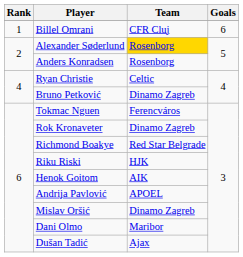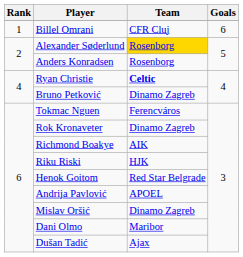 <table class="wikitable" style="text-align:center">
 <tr>
 <th>Rank</th>
 <th>Player</th>
 <th>Team</th>
 <th>Goals</th>
 </tr>
 <tr>
 </tr>
 <tr>
 <td>1</td>
 <td align=left> <a href='#'>Billel Omrani</a></td>
 <td align=left> <a href='#'>CFR Cluj</a></td>
 <td>6</td>
 </tr>
 <tr>
 <td rowspan="2">2</td>
 <td align=left> <a href='#'>Alexander Søderlund</a></td>
 <td align=left style="background: gold;"> <a href='#'>Rosenborg</a></td>
 <td rowspan="2">5</td>
 </tr>
 <tr>
 <td align=left> <a href='#'>Anders Konradsen</a></td>
 <td align=left> <a href='#'>Rosenborg</a></td>
 </tr>
 <tr>
 <td rowspan="2">4</td>
 <td align=left> <a href='#'>Ryan Christie</a></td>
-<td align=left> <a href='#'>Celtic</a></td>
+<td align=left><strong> <a href='#'>Celtic</a></strong></td>
 <td rowspan="2">4</td>
 </tr>
 <tr>
 <td align=left> <a href='#'>Bruno Petković</a></td>
 <td align=left> <a href='#'>Dinamo Zagreb</a></td>
 </tr>
 <tr>
 <td rowspan="9">6</td>
 <td align=left> <a href='#'>Tokmac Nguen</a></td>
 <td align=left> <a href='#'>Ferencváros</a></td>
 <td rowspan="9">3</td>
 </tr>
 <tr>
 <td align=left> <a href='#'>Rok Kronaveter</a></td>
 <td align=left> <a href='#'>Dinamo Zagreb</a></td>
 </tr>
 <tr>
 <td align=left> <a href='#'>Richmond Boakye</a></td>
-<td align=left> <a href='#'>Red Star Belgrade</a></td>
+<td align=left> <a href='#'>AIK</a></td>
 </tr>
 <tr>
 <td align=left> <a href='#'>Riku Riski</a></td>
 <td align=left> <a href='#'>HJK</a></td>
 </tr>
 <tr>
 <td align=left> <a href='#'>Henok Goitom</a></td>
-<td align=left> <a href='#'>AIK</a></td>
+<td align=left> <a href='#'>Red Star Belgrade</a></td>
 </tr>
 <tr>
 <td align=left> <a href='#'>Andrija Pavlović</a></td>
 <td align=left> <a href='#'>APOEL</a></td>
 </tr>
 <tr>
 <td align=left> <a href='#'>Mislav Oršić</a></td>
 <td align=left> <a href='#'>Dinamo Zagreb</a></td>
 </tr>
 <tr>
 <td align=left> <a href='#'>Dani Olmo</a></td>
 <td align=left> <a href='#'>Maribor</a></td>
 </tr>
 <tr>
 <td align=left> <a href='#'>Dušan Tadić</a></td>
 <td align=left> <a href='#'>Ajax</a></td>
 </tr>
 </table>
